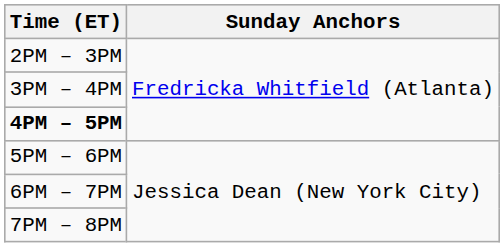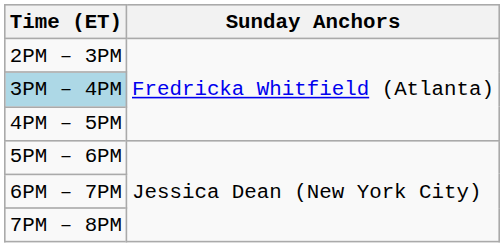 <table class="wikitable">
 <tr>
 <th>Time (ET)</th>
 <th>Sunday Anchors</th>
 </tr>
 <tr>
 <td>2PM – 3PM</td>
 <td rowspan="3"><a href='#'>Fredricka Whitfield</a> (Atlanta)</td>
 </tr>
 <tr>
-<td>3PM – 4PM</td>
+<td style="background: lightblue;">3PM – 4PM</td>
 </tr>
 <tr>
-<td><strong>4PM – 5PM</strong></td>
+<td>4PM – 5PM</td>
 </tr>
 <tr>
 <td>5PM – 6PM</td>
 <td rowspan="3">Jessica Dean (New York City)</td>
 </tr>
 <tr>
 <td>6PM – 7PM</td>
 </tr>
 <tr>
 <td>7PM – 8PM</td>
 </tr>
 </table>
